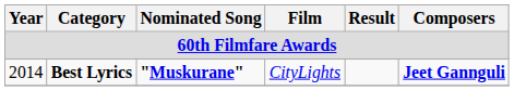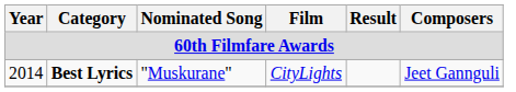 <table class="wikitable sortable">
 <tr>
 <th>Year</th>
 <th>Category</th>
 <th>Nominated Song</th>
 <th>Film</th>
 <th>Result</th>
 <th>Composers</th>
 </tr>
 <tr>
 <td colspan="6" style="text-align: center; background:#ddd; "><strong><a href='#'>60th Filmfare Awards</a></strong></td>
 </tr>
 <tr>
 <td>2014</td>
 <td><strong>Best Lyrics</strong></td>
-<td><strong>"<a href='#'>Muskurane</a>"</strong></td>
+<td>"<a href='#'>Muskurane</a>"</td>
 <td><em><a href='#'>CityLights</a></em></td>
 <td></td>
-<td><strong><a href='#'>Jeet Gannguli</a></strong></td>
+<td><a href='#'>Jeet Gannguli</a></td>
 </tr>
 <tr>
 </tr>
 </table>
